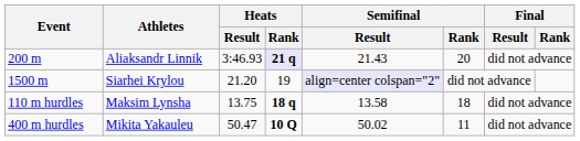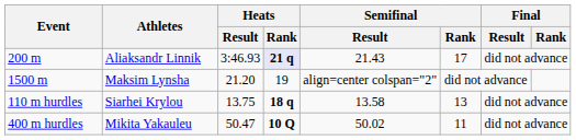 <table class="wikitable" border="1" style="font-size:90%">
 <tr>
 <th rowspan="2" width=100>Event</th>
 <th rowspan="2" width=120>Athletes</th>
 <th colspan="2">Heats</th>
 <th colspan="2">Semifinal</th>
 <th colspan="2">Final</th>
 </tr>
 <tr>
 <th>Result</th>
 <th>Rank</th>
 <th>Result</th>
 <th>Rank</th>
 <th>Result</th>
 <th>Rank</th>
 </tr>
 <tr>
 <td><a href='#'>200 m</a></td>
 <td><a href='#'>Aliaksandr Linnik</a></td>
 <td align=center>3:46.93</td>
 <td align=center style="background: lavender;"><strong>21 q</strong></td>
 <td align=center>21.43</td>
-<td align=center>20</td>
+<td align=center>17</td>
 <td align=center colspan="2">did not advance</td>
 </tr>
 <tr>
 <td><a href='#'>1500 m</a></td>
-<td><a href='#'>Siarhei Krylou</a></td>
+<td><a href='#'>Maksim Lynsha</a></td>
 <td align=center>21.20</td>
 <td align=center>19</td>
-<td style="background: lavender;">align=center colspan="2" </td>
+<td>align=center colspan="2" </td>
 <td align=center colspan="2">did not advance</td>
 </tr>
 <tr>
 <td><a href='#'>110 m hurdles</a></td>
-<td><a href='#'>Maksim Lynsha</a></td>
+<td><a href='#'>Siarhei Krylou</a></td>
 <td align=center>13.75</td>
 <td align=center><strong>18 q</strong></td>
 <td align=center>13.58</td>
-<td align=center>18</td>
+<td align=center>13</td>
 <td align=center colspan="2">did not advance</td>
 </tr>
 <tr>
 <td><a href='#'>400 m hurdles</a></td>
 <td><a href='#'>Mikita Yakauleu</a></td>
 <td align=center>50.47</td>
 <td align=center><strong>10 Q</strong></td>
 <td align=center>50.02</td>
 <td align=center>11</td>
 <td align=center colspan="2">did not advance</td>
 </tr>
 </table>
